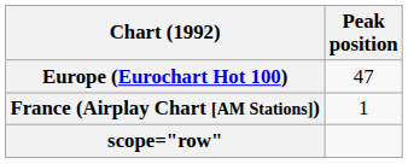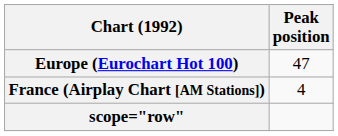 <table class="wikitable sortable plainrowheaders">
 <tr>
 <th>Chart (1992)</th>
 <th>Peak<br>position</th>
 </tr>
 <tr>
 <th scope="row">Europe (<a href='#'>Eurochart Hot 100</a>)</th>
 <td align="center">47</td>
 </tr>
 <tr>
 <th scope="row">France (Airplay Chart <small>[AM Stations]</small>)</th>
-<td align="center">1</td>
+<td align="center">4</td>
 </tr>
 <tr>
 <th>scope="row"</th>
 </tr>
 <tr>
 </tr>
 </table>
